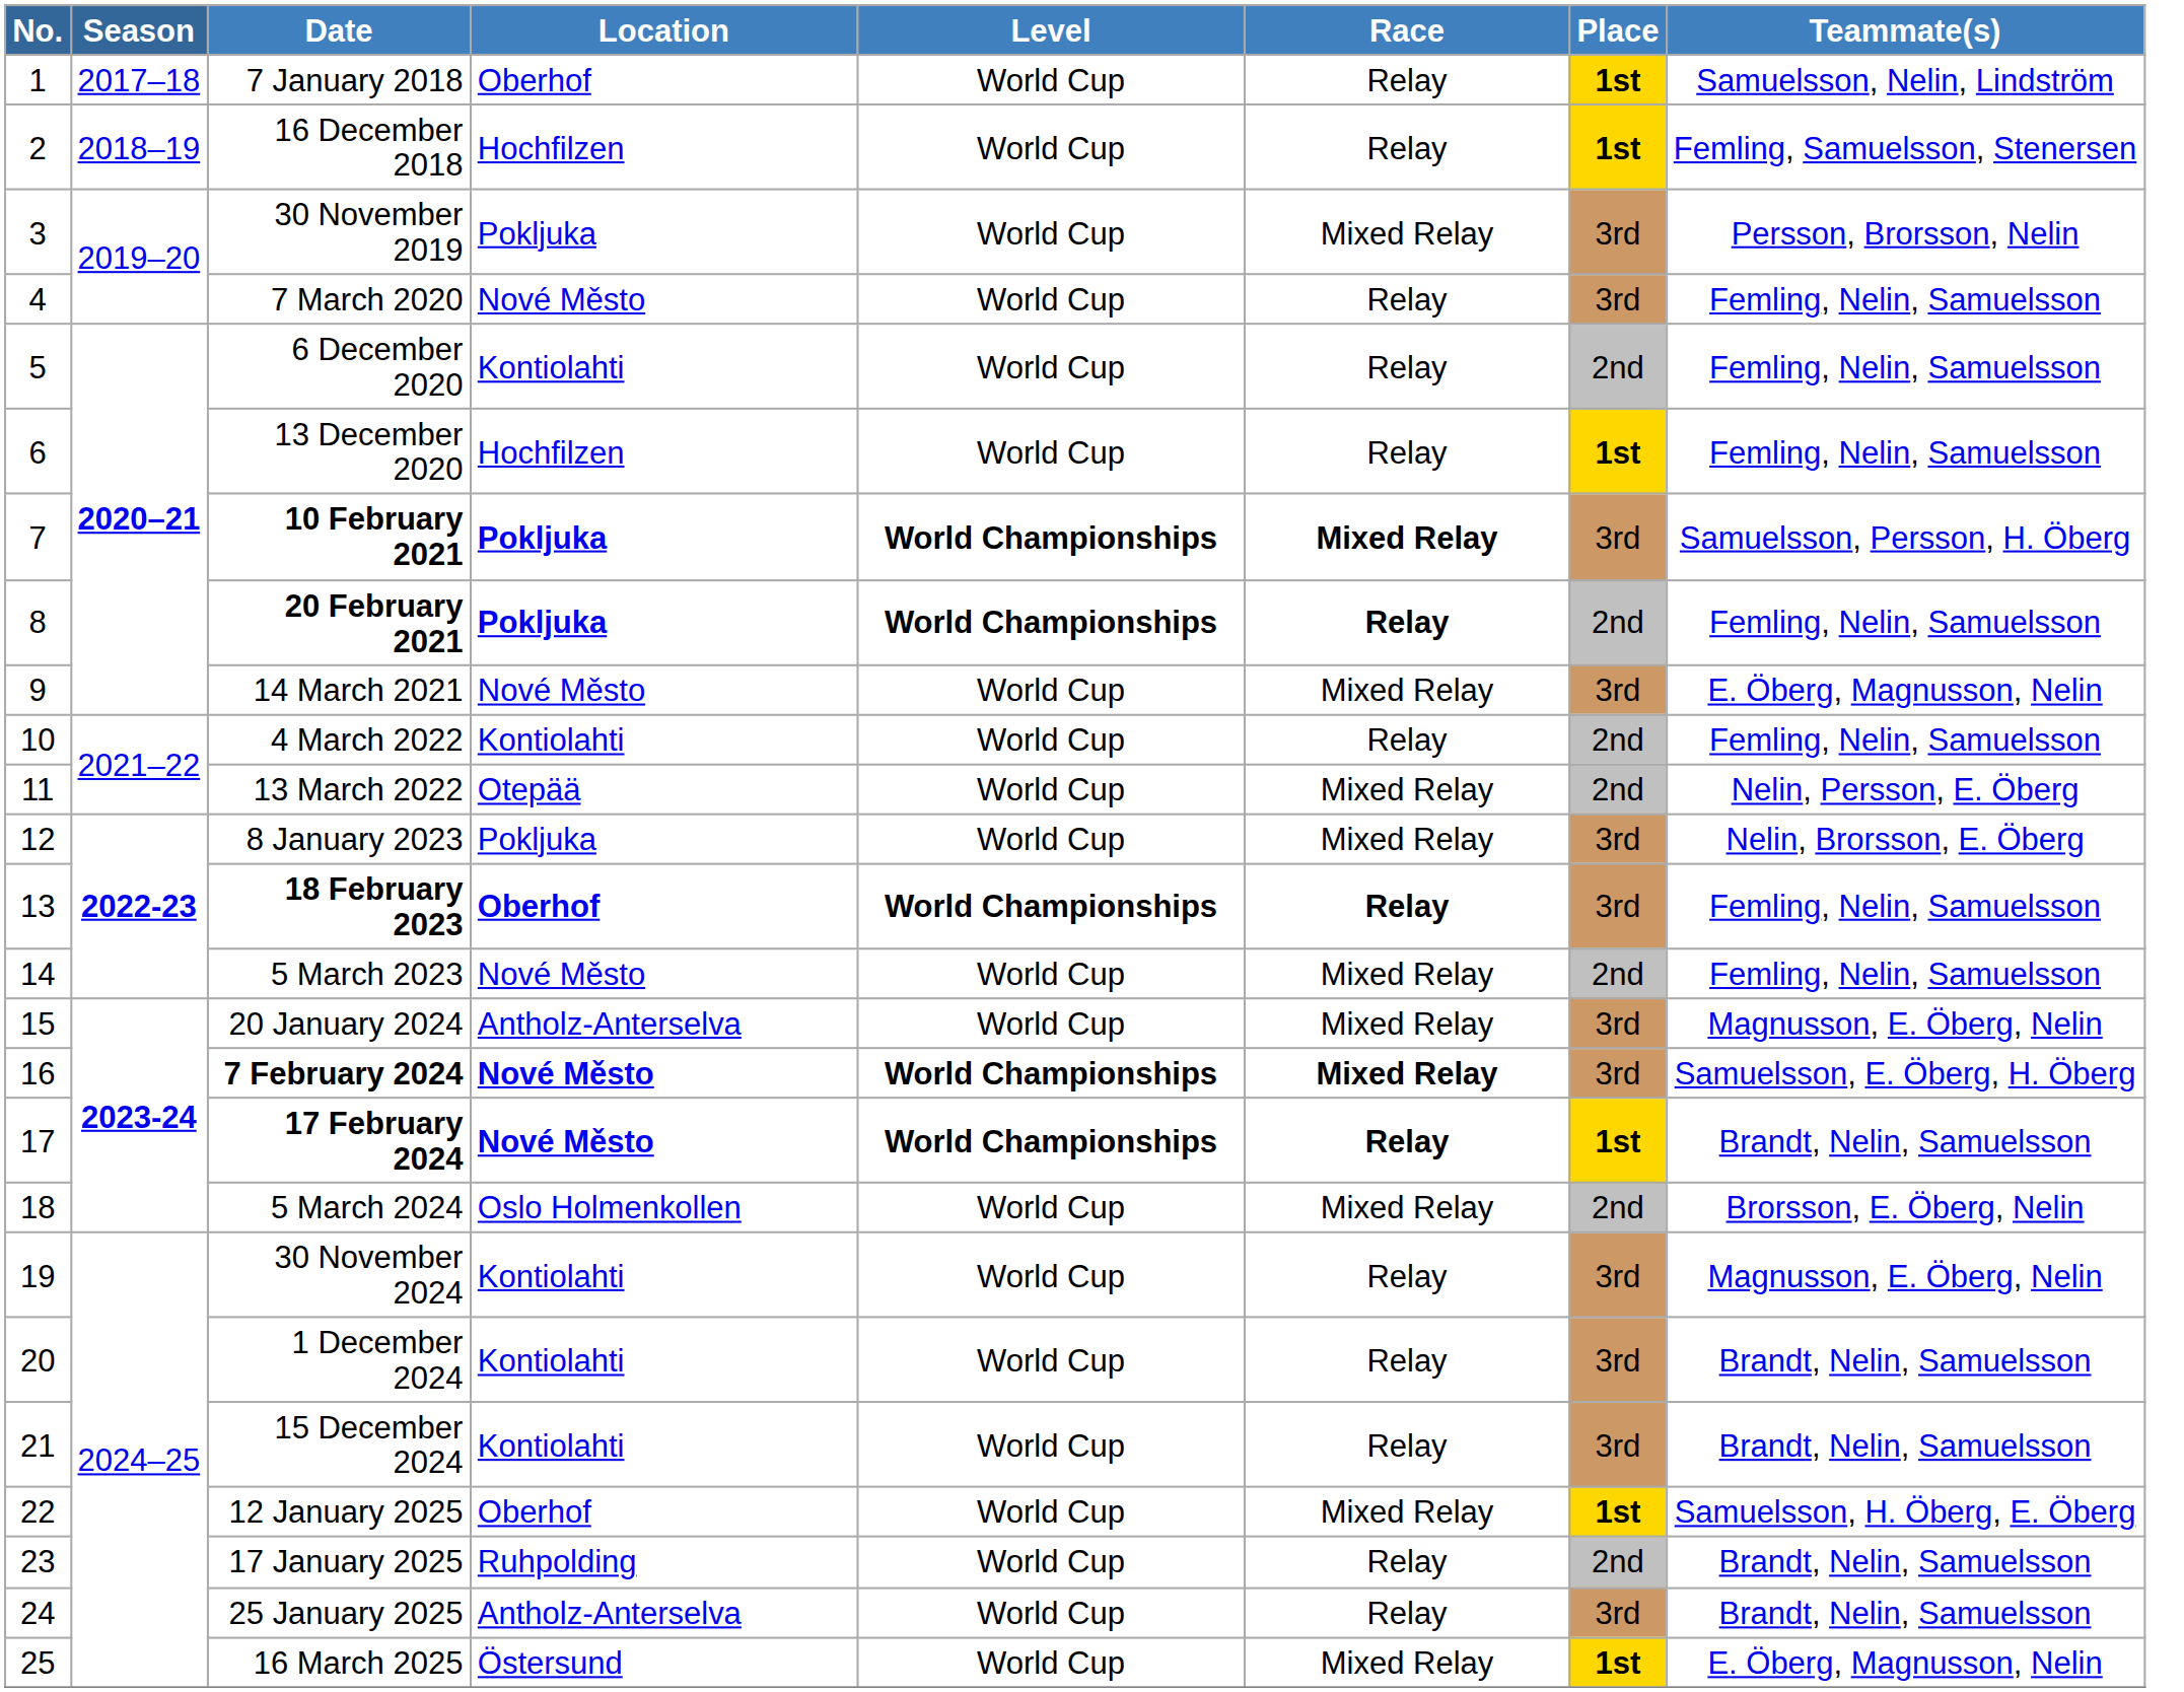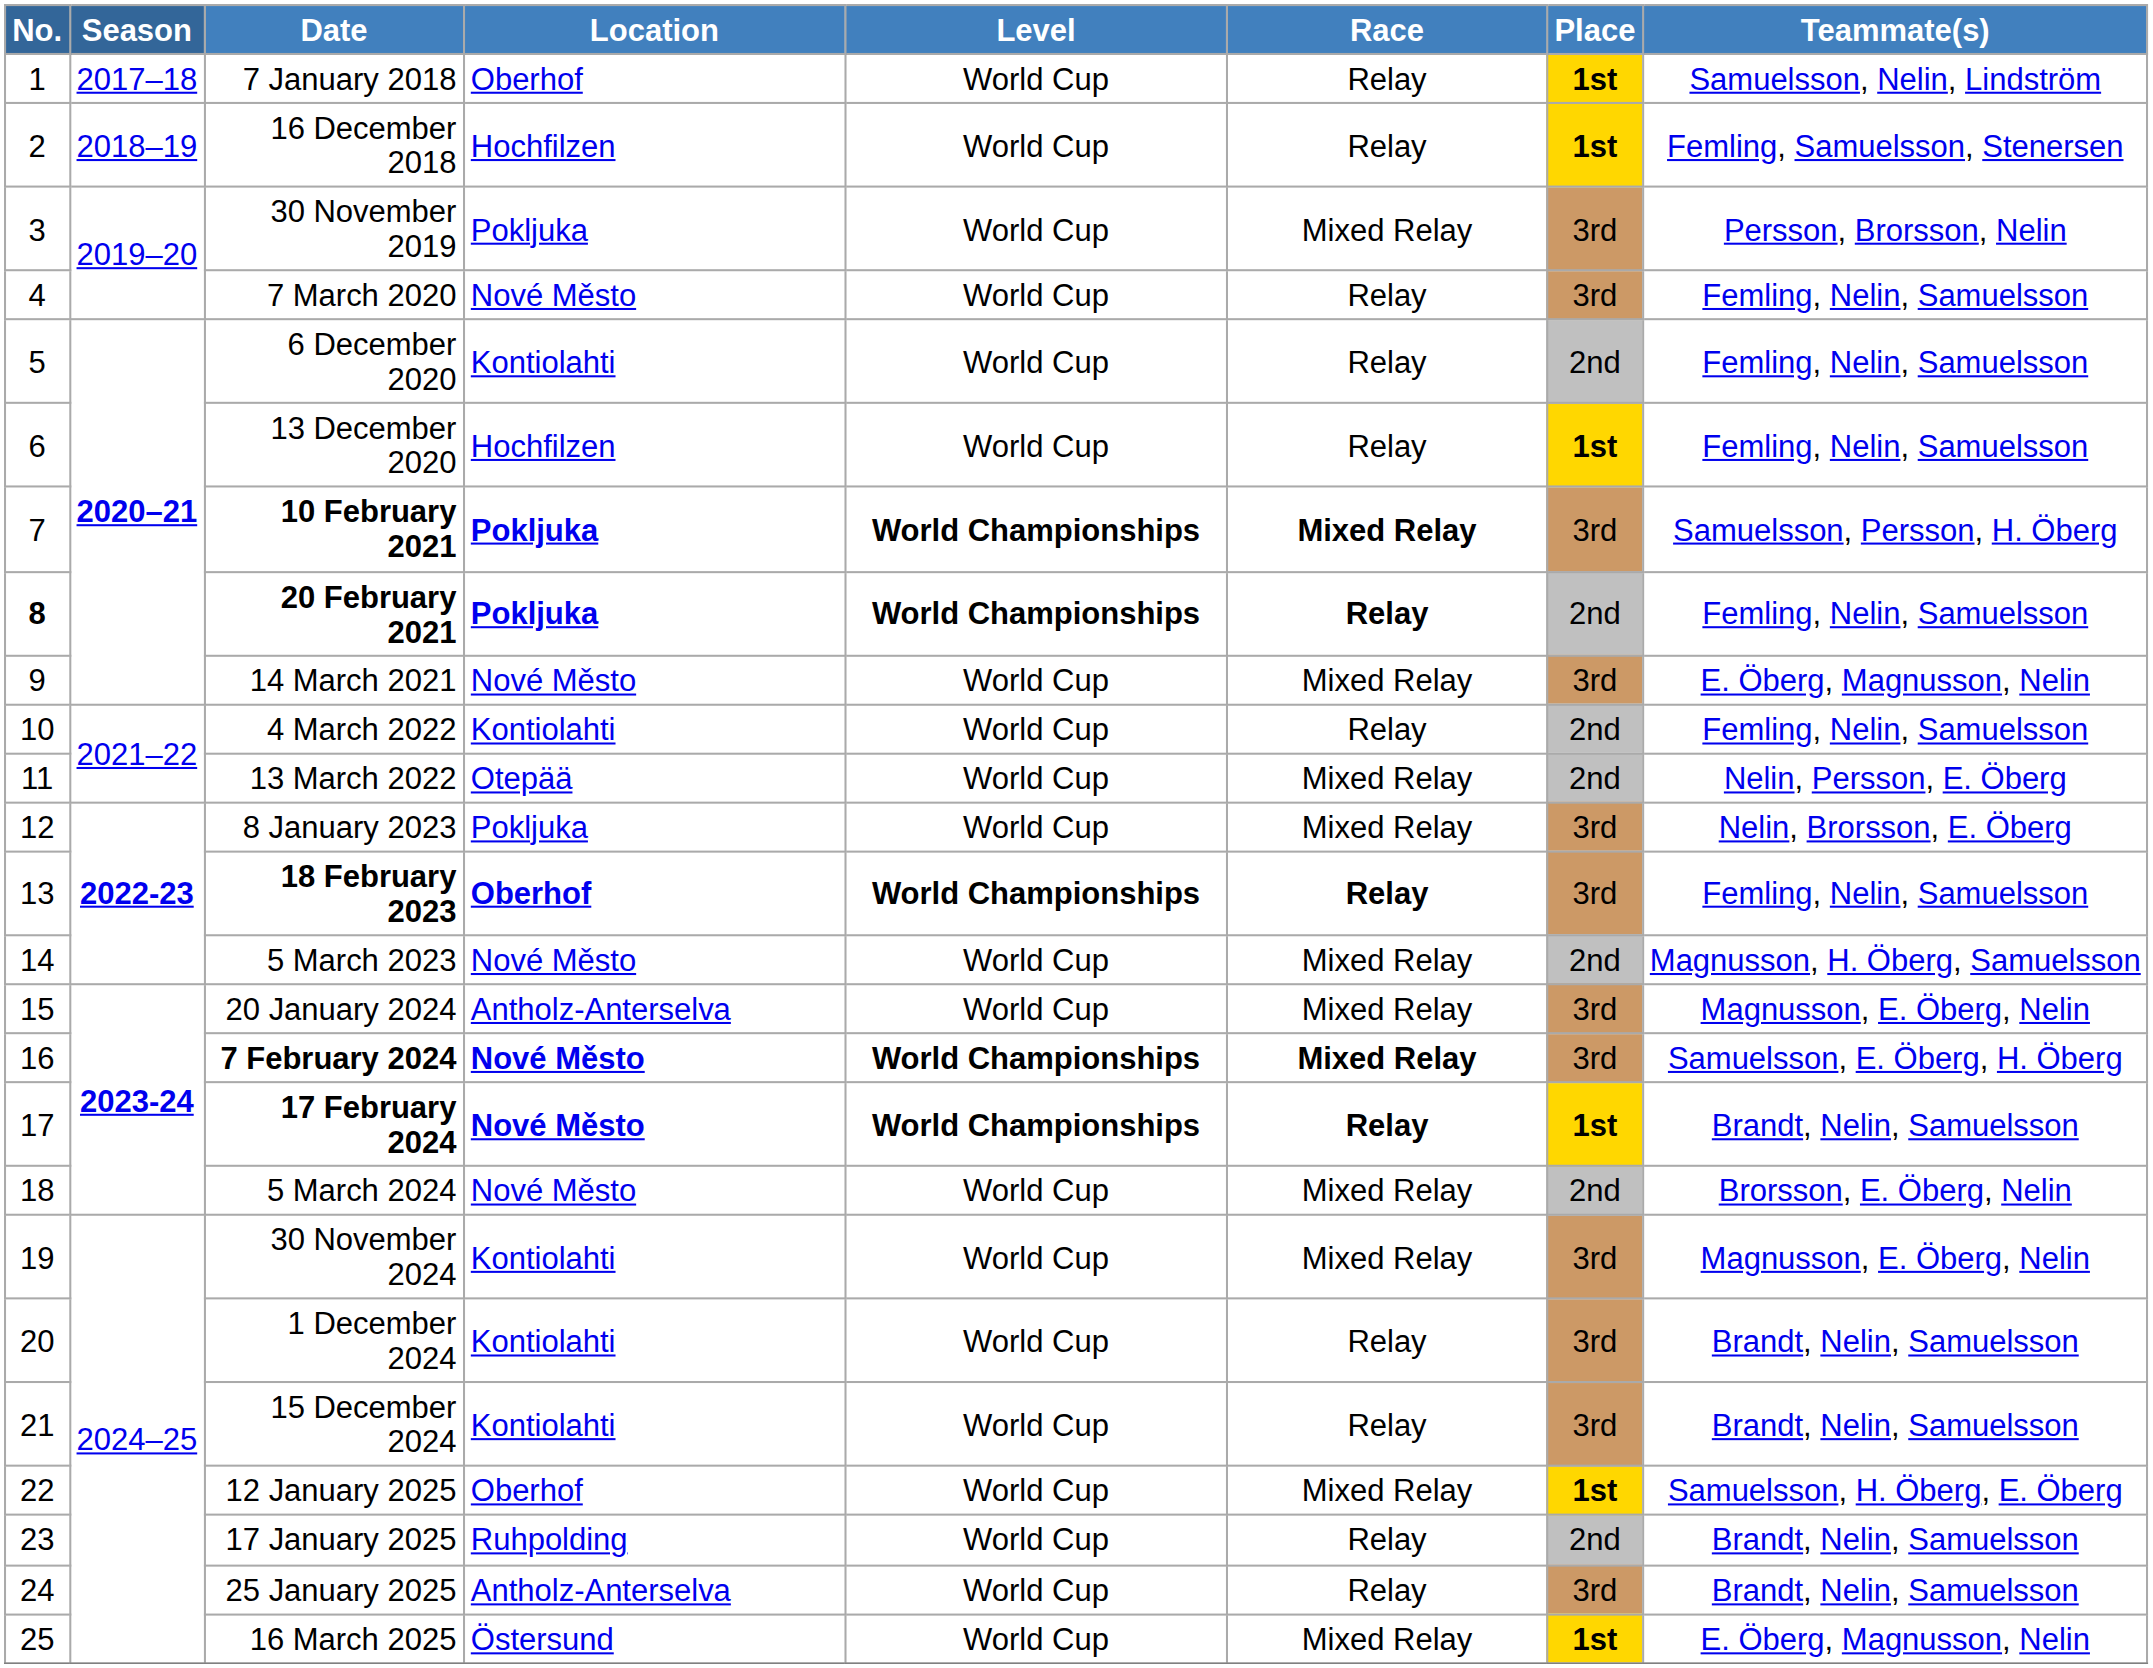 <table class="wikitable sortable" style="font-size:95%; text-align:center; border:grey solid 1px; border-collapse:collapse; background:#ffffff;">
 <tr style="background:#efefef;">
 <th style="background-color:#369; color:white;">No.</th>
 <th style="background-color:#369; color:white;">Season</th>
 <th style="background-color:#4180be; color:white; width:120px;">Date</th>
 <th style="background-color:#4180be; color:white; width:180px;">Location</th>
 <th style="background-color:#4180be; color:white; width:180px;">Level</th>
 <th style="background-color:#4180be; color:white; width:150px;">Race</th>
 <th style="background-color:#4180be; color:white;">Place</th>
 <th style="background-color:#4180be; color:white;">Teammate(s)</th>
 </tr>
 <tr>
 <td align=center>1</td>
 <td rowspan=1 align=center><a href='#'>2017–18</a></td>
 <td align=right>7 January 2018</td>
 <td align=left> <a href='#'>Oberhof</a></td>
 <td>World Cup</td>
 <td>Relay</td>
 <td bgcolor="gold"><strong>1st</strong></td>
 <td><a href='#'>Samuelsson</a>, <a href='#'>Nelin</a>, <a href='#'>Lindström</a></td>
 </tr>
 <tr>
 <td align=center>2</td>
 <td rowspan=1 align=center><a href='#'>2018–19</a></td>
 <td align=right>16 December 2018</td>
 <td align=left> <a href='#'>Hochfilzen</a></td>
 <td>World Cup</td>
 <td>Relay</td>
 <td bgcolor="gold"><strong>1st</strong></td>
 <td><a href='#'>Femling</a>, <a href='#'>Samuelsson</a>, <a href='#'>Stenersen</a></td>
 </tr>
 <tr>
 <td>3</td>
 <td rowspan="2"><a href='#'>2019–20</a></td>
 <td align=right>30 November 2019</td>
 <td align=left> <a href='#'>Pokljuka</a></td>
 <td>World Cup</td>
 <td>Mixed Relay</td>
 <td bgcolor="cc9966">3rd</td>
 <td><a href='#'>Persson</a>, <a href='#'>Brorsson</a>, <a href='#'>Nelin</a></td>
 </tr>
 <tr>
 <td align="center">4</td>
 <td align="right">7 March 2020</td>
 <td align="left"> <a href='#'>Nové Město</a></td>
 <td>World Cup</td>
 <td>Relay</td>
 <td bgcolor="cc9966">3rd</td>
 <td><a href='#'>Femling</a>, <a href='#'>Nelin</a>, <a href='#'>Samuelsson</a></td>
 </tr>
 <tr>
 <td align="center">5</td>
 <td rowspan="5" align="center"><strong><a href='#'>2020–21</a></strong></td>
 <td align="right">6 December 2020</td>
 <td align="left"> <a href='#'>Kontiolahti</a></td>
 <td>World Cup</td>
 <td>Relay</td>
 <td bgcolor="silver">2nd</td>
 <td><a href='#'>Femling</a>, <a href='#'>Nelin</a>, <a href='#'>Samuelsson</a></td>
 </tr>
 <tr>
 <td align="center">6</td>
 <td align="right">13 December 2020</td>
 <td align="left"> <a href='#'>Hochfilzen</a></td>
 <td>World Cup</td>
 <td>Relay</td>
 <td bgcolor="gold"><strong>1st</strong></td>
 <td><a href='#'>Femling</a>, <a href='#'>Nelin</a>, <a href='#'>Samuelsson</a></td>
 </tr>
 <tr>
 <td align="center">7</td>
 <td align="right"><strong>10 February 2021</strong></td>
 <td align="left"> <strong><a href='#'>Pokljuka</a></strong></td>
 <td><strong>World Championships</strong></td>
 <td><strong>Mixed Relay</strong></td>
 <td bgcolor="cc9966">3rd</td>
 <td><a href='#'>Samuelsson</a>, <a href='#'>Persson</a>, <a href='#'>H. Öberg</a></td>
 </tr>
 <tr>
-<td align="center">8</td>
+<td align="center"><strong>8</strong></td>
 <td align="right"><strong>20 February 2021</strong></td>
 <td align="left"> <strong><a href='#'>Pokljuka</a></strong></td>
 <td><strong>World Championships</strong></td>
 <td><strong>Relay</strong></td>
 <td bgcolor="silver">2nd</td>
 <td><a href='#'>Femling</a>, <a href='#'>Nelin</a>, <a href='#'>Samuelsson</a></td>
 </tr>
 <tr>
 <td align="center">9</td>
 <td align="right">14 March 2021</td>
 <td align="left"> <a href='#'>Nové Město</a></td>
 <td>World Cup</td>
 <td>Mixed Relay</td>
 <td bgcolor="cc9966">3rd</td>
 <td><a href='#'>E. Öberg</a>, <a href='#'>Magnusson</a>, <a href='#'>Nelin</a></td>
 </tr>
 <tr>
 <td align="center">10</td>
 <td rowspan="2" align="center"><a href='#'>2021–22</a></td>
 <td align="right">4 March 2022</td>
 <td align="left"> <a href='#'>Kontiolahti</a></td>
 <td>World Cup</td>
 <td>Relay</td>
 <td bgcolor="silver">2nd</td>
 <td><a href='#'>Femling</a>, <a href='#'>Nelin</a>, <a href='#'>Samuelsson</a></td>
 </tr>
 <tr>
 <td align="center">11</td>
 <td align="right">13 March 2022</td>
 <td align="left"> <a href='#'>Otepää</a></td>
 <td>World Cup</td>
 <td>Mixed Relay</td>
 <td bgcolor="silver">2nd</td>
 <td><a href='#'>Nelin</a>, <a href='#'>Persson</a>, <a href='#'>E. Öberg</a></td>
 </tr>
 <tr>
 <td align="center">12</td>
 <td rowspan="3" align="center"><strong><a href='#'>2022-23</a></strong></td>
 <td align="right">8 January 2023</td>
 <td align="left"> <a href='#'>Pokljuka</a></td>
 <td>World Cup</td>
 <td>Mixed Relay</td>
 <td bgcolor="cc9966">3rd</td>
 <td><a href='#'>Nelin</a>, <a href='#'>Brorsson</a>, <a href='#'>E. Öberg</a></td>
 </tr>
 <tr>
 <td align=center>13</td>
 <td align=right><strong>18 February 2023</strong></td>
 <td align=left> <strong><a href='#'>Oberhof</a></strong></td>
 <td><strong>World Championships</strong></td>
 <td><strong>Relay</strong></td>
 <td bgcolor="cc9966">3rd</td>
 <td><a href='#'>Femling</a>, <a href='#'>Nelin</a>, <a href='#'>Samuelsson</a></td>
 </tr>
 <tr>
 <td>14</td>
 <td align=right>5 March 2023</td>
 <td align=left> <a href='#'>Nové Město</a></td>
 <td>World Cup</td>
 <td>Mixed Relay</td>
 <td bgcolor="silver">2nd</td>
-<td><a href='#'>Femling</a>, <a href='#'>Nelin</a>, <a href='#'>Samuelsson</a></td>
+<td><a href='#'>Magnusson</a>, <a href='#'>H. Öberg</a>, <a href='#'>Samuelsson</a></td>
 </tr>
 <tr>
 <td align=center>15</td>
 <td rowspan="4" align="center"><strong><a href='#'>2023-24</a></strong></td>
 <td align=right>20 January 2024</td>
 <td align=left> <a href='#'>Antholz-Anterselva</a></td>
 <td>World Cup</td>
 <td>Mixed Relay</td>
 <td bgcolor="cc9966">3rd</td>
 <td><a href='#'>Magnusson</a>, <a href='#'>E. Öberg</a>, <a href='#'>Nelin</a></td>
 </tr>
 <tr>
 <td align=center>16</td>
 <td align=right><strong>7 February 2024</strong></td>
 <td align=left> <strong><a href='#'>Nové Město</a></strong></td>
 <td><strong>World Championships</strong></td>
 <td><strong>Mixed Relay</strong></td>
 <td bgcolor="cc9966">3rd</td>
 <td><a href='#'>Samuelsson</a>, <a href='#'>E. Öberg</a>, <a href='#'>H. Öberg</a></td>
 </tr>
 <tr>
 <td align=center>17</td>
 <td align=right><strong>17 February 2024</strong></td>
 <td align=left> <strong><a href='#'>Nové Město</a></strong></td>
 <td><strong>World Championships</strong></td>
 <td><strong>Relay</strong></td>
 <td bgcolor="gold"><strong>1st</strong></td>
 <td><a href='#'>Brandt</a>, <a href='#'>Nelin</a>, <a href='#'>Samuelsson</a></td>
 </tr>
 <tr>
 <td align=center>18</td>
 <td align=right>5 March 2024</td>
-<td align=left> <a href='#'>Oslo Holmenkollen</a></td>
+<td align="left"> <a href='#'>Nové Město</a></td>
 <td>World Cup</td>
 <td>Mixed Relay</td>
 <td bgcolor="silver">2nd</td>
 <td><a href='#'>Brorsson</a>, <a href='#'>E. Öberg</a>, <a href='#'>Nelin</a></td>
 </tr>
 <tr>
 <td align=center>19</td>
 <td rowspan="7" align="center"><a href='#'>2024–25</a></td>
 <td align=right>30 November 2024</td>
 <td align=left> <a href='#'>Kontiolahti</a></td>
 <td>World Cup</td>
-<td>Relay</td>
+<td>Mixed Relay</td>
 <td align=center bgcolor="cc9966">3rd</td>
 <td><a href='#'>Magnusson</a>, <a href='#'>E. Öberg</a>, <a href='#'>Nelin</a></td>
 </tr>
 <tr>
 <td align=center>20</td>
 <td align=right>1 December 2024</td>
 <td align=left> <a href='#'>Kontiolahti</a></td>
 <td>World Cup</td>
 <td>Relay</td>
 <td align=center bgcolor="cc9966">3rd</td>
 <td><a href='#'>Brandt</a>, <a href='#'>Nelin</a>, <a href='#'>Samuelsson</a></td>
 </tr>
 <tr>
 <td align=center>21</td>
 <td align=right>15 December 2024</td>
 <td align="left"> <a href='#'>Kontiolahti</a></td>
 <td>World Cup</td>
 <td>Relay</td>
 <td align=center bgcolor="cc9966">3rd</td>
 <td><a href='#'>Brandt</a>, <a href='#'>Nelin</a>, <a href='#'>Samuelsson</a></td>
 </tr>
 <tr>
 <td align=center>22</td>
 <td align=right>12 January 2025</td>
 <td align=left> <a href='#'>Oberhof</a></td>
 <td>World Cup</td>
 <td>Mixed Relay</td>
 <td align=center bgcolor="gold"><strong>1st</strong></td>
 <td><a href='#'>Samuelsson</a>, <a href='#'>H. Öberg</a>, <a href='#'>E. Öberg</a></td>
 </tr>
 <tr>
 <td align=center>23</td>
 <td align=right>17 January 2025</td>
 <td align=left> <a href='#'>Ruhpolding</a></td>
 <td>World Cup</td>
 <td>Relay</td>
 <td align=center bgcolor="silver">2nd</td>
 <td><a href='#'>Brandt</a>, <a href='#'>Nelin</a>, <a href='#'>Samuelsson</a></td>
 </tr>
 <tr>
 <td align=center>24</td>
 <td align=right>25 January 2025</td>
 <td align=left> <a href='#'>Antholz-Anterselva</a></td>
 <td>World Cup</td>
 <td>Relay</td>
 <td align=center bgcolor="cc9966">3rd</td>
 <td><a href='#'>Brandt</a>, <a href='#'>Nelin</a>, <a href='#'>Samuelsson</a></td>
 </tr>
 <tr>
 <td align=center>25</td>
 <td align=right>16 March 2025</td>
 <td align=left> <a href='#'>Östersund</a></td>
 <td>World Cup</td>
 <td>Mixed Relay</td>
 <td align=center bgcolor="gold"><strong>1st</strong></td>
 <td><a href='#'>E. Öberg</a>, <a href='#'>Magnusson</a>, <a href='#'>Nelin</a></td>
 </tr>
 <tr>
 </tr>
 </table>
